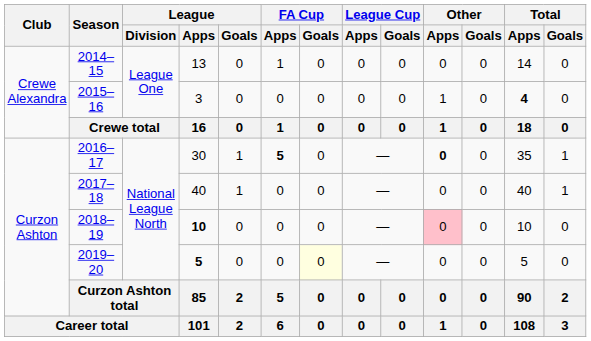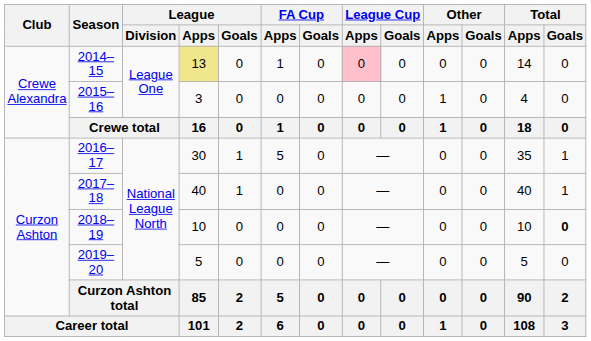 <table class="wikitable" style="text-align:center">
 <tr>
 <th rowspan="2">Club</th>
 <th rowspan="2">Season</th>
 <th colspan="3">League</th>
 <th colspan="2"><a href='#'>FA Cup</a></th>
 <th colspan="2"><a href='#'>League Cup</a></th>
 <th colspan="2">Other</th>
 <th colspan="2">Total</th>
 </tr>
 <tr>
 <th>Division</th>
 <th>Apps</th>
 <th>Goals</th>
 <th>Apps</th>
 <th>Goals</th>
 <th>Apps</th>
 <th>Goals</th>
 <th>Apps</th>
 <th>Goals</th>
 <th>Apps</th>
 <th>Goals</th>
 </tr>
 <tr>
 <td rowspan="3"><a href='#'>Crewe Alexandra</a></td>
 <td><a href='#'>2014–15</a></td>
 <td rowspan="2"><a href='#'>League One</a></td>
-<td>13</td>
+<td style="background: khaki;">13</td>
 <td>0</td>
 <td>1</td>
 <td>0</td>
-<td>0</td>
+<td style="background: pink;">0</td>
 <td>0</td>
 <td>0</td>
 <td>0</td>
 <td>14</td>
 <td>0</td>
 </tr>
 <tr>
 <td><a href='#'>2015–16</a></td>
 <td>3</td>
 <td>0</td>
 <td>0</td>
 <td>0</td>
 <td>0</td>
 <td>0</td>
 <td>1</td>
 <td>0</td>
-<td><strong>4</strong></td>
+<td>4</td>
 <td>0</td>
 </tr>
 <tr>
 <th colspan="2">Crewe total</th>
 <th>16</th>
 <th>0</th>
 <th>1</th>
 <th>0</th>
 <th>0</th>
 <th>0</th>
 <th>1</th>
 <th>0</th>
 <th>18</th>
 <th>0</th>
 </tr>
 <tr>
 <td rowspan="5"><a href='#'>Curzon Ashton</a></td>
 <td><a href='#'>2016–17</a></td>
 <td rowspan="4"><a href='#'>National League North</a></td>
 <td>30</td>
 <td>1</td>
-<td><strong>5</strong></td>
+<td>5</td>
 <td>0</td>
 <td colspan="2">—</td>
-<td><strong>0</strong></td>
+<td>0</td>
 <td>0</td>
 <td>35</td>
 <td>1</td>
 </tr>
 <tr>
 <td><a href='#'>2017–18</a></td>
 <td>40</td>
 <td>1</td>
 <td>0</td>
 <td>0</td>
 <td colspan="2">—</td>
 <td>0</td>
 <td>0</td>
 <td>40</td>
 <td>1</td>
 </tr>
 <tr>
 <td><a href='#'>2018–19</a></td>
-<td><strong>10</strong></td>
+<td>10</td>
 <td>0</td>
 <td>0</td>
 <td>0</td>
 <td colspan="2">—</td>
-<td style="background: pink;">0</td>
+<td>0</td>
 <td>0</td>
 <td>10</td>
-<td>0</td>
+<td><strong>0</strong></td>
 </tr>
 <tr>
 <td><a href='#'>2019–20</a></td>
-<td><strong>5</strong></td>
+<td>5</td>
 <td>0</td>
 <td>0</td>
-<td style="background: lightyellow;">0</td>
+<td>0</td>
 <td colspan="2">—</td>
 <td>0</td>
 <td>0</td>
 <td>5</td>
 <td>0</td>
 </tr>
 <tr>
 <th colspan="2">Curzon Ashton total</th>
 <th>85</th>
 <th>2</th>
 <th>5</th>
 <th>0</th>
 <th>0</th>
 <th>0</th>
 <th>0</th>
 <th>0</th>
 <th>90</th>
 <th>2</th>
 </tr>
 <tr>
 <th colspan="3">Career total</th>
 <th>101</th>
 <th>2</th>
 <th>6</th>
 <th>0</th>
 <th>0</th>
 <th>0</th>
 <th>1</th>
 <th>0</th>
 <th>108</th>
 <th>3</th>
 </tr>
 </table>
